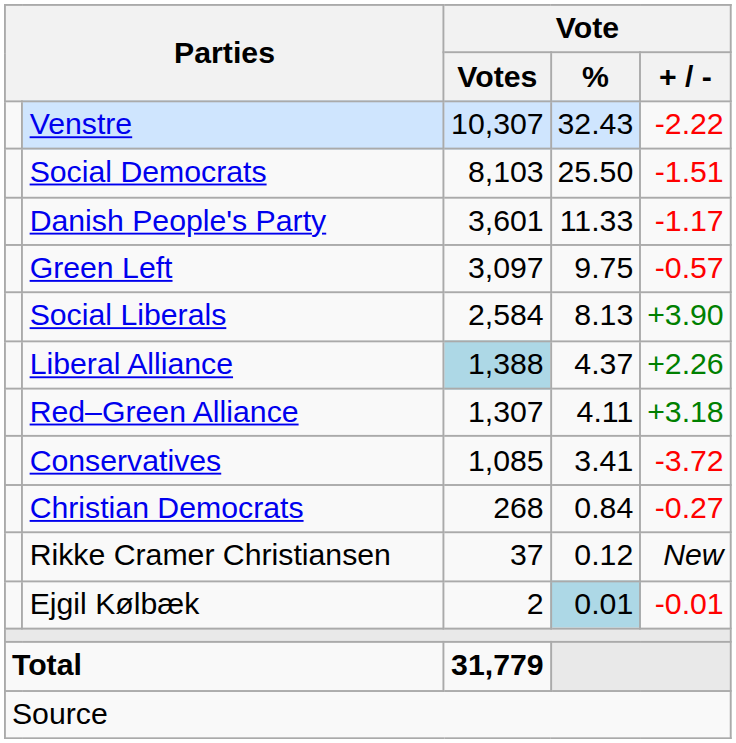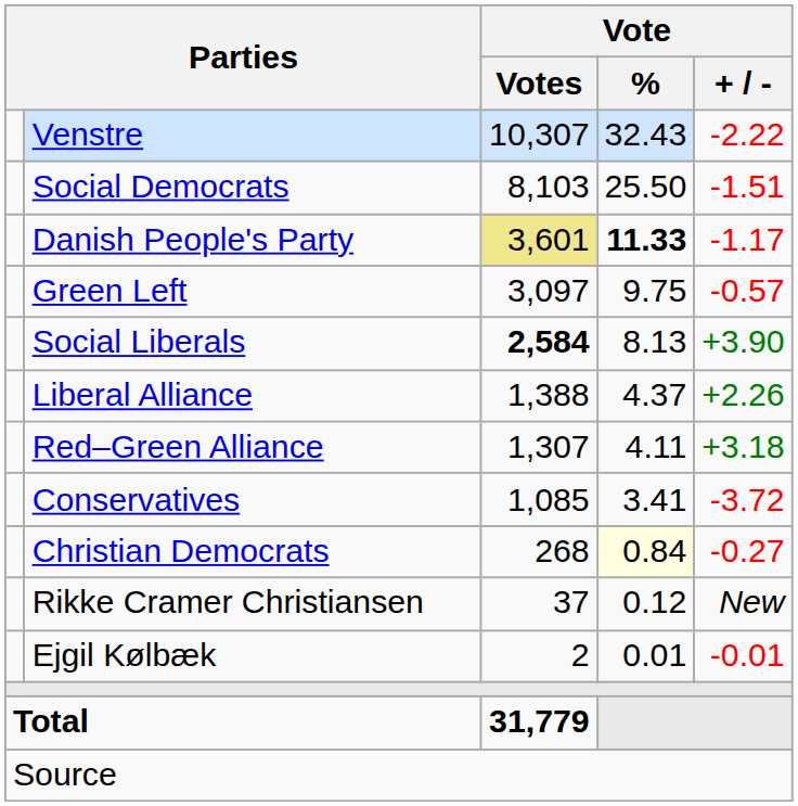 <table class="wikitable" style="text-align:right;">
 <tr>
 <th style="text-align:centre;" rowspan="2" colspan="2" width="225">Parties</th>
 <th colspan="3">Vote</th>
 </tr>
 <tr>
 <th width="15">Votes</th>
 <th width="15">%</th>
 <th width="15">+ / -</th>
 </tr>
 <tr>
 <td width="2" style="color:inherit;background:"></td>
 <td bgcolor=#cfe5fe  align="left"><a href='#'>Venstre</a></td>
 <td bgcolor=#cfe5fe>10,307</td>
 <td bgcolor=#cfe5fe>32.43</td>
 <td style=color:red;>-2.22</td>
 </tr>
 <tr>
 <td width="2" style="color:inherit;background:"></td>
 <td align="left"><a href='#'>Social Democrats</a></td>
 <td>8,103</td>
 <td>25.50</td>
 <td style=color:red;>-1.51</td>
 </tr>
 <tr>
 <td width="2" style="color:inherit;background:"></td>
 <td align="left"><a href='#'>Danish People's Party</a></td>
-<td>3,601</td>
-<td>11.33</td>
+<td style="background: khaki;">3,601</td>
+<td><strong>11.33</strong></td>
 <td style=color:red;>-1.17</td>
 </tr>
 <tr>
 <td width="2" style="color:inherit;background:"></td>
 <td align="left"><a href='#'>Green Left</a></td>
 <td>3,097</td>
 <td>9.75</td>
 <td style=color:red;>-0.57</td>
 </tr>
 <tr>
 <td width="2" style="color:inherit;background:"></td>
 <td align="left"><a href='#'>Social Liberals</a></td>
-<td>2,584</td>
+<td><strong>2,584</strong></td>
 <td>8.13</td>
 <td style=color:green;>+3.90</td>
 </tr>
 <tr>
 <td width="2" style="color:inherit;background:"></td>
 <td align="left"><a href='#'>Liberal Alliance</a></td>
-<td style="background: lightblue;">1,388</td>
+<td>1,388</td>
 <td>4.37</td>
 <td style=color:green;>+2.26</td>
 </tr>
 <tr>
 <td width="2" style="color:inherit;background:"></td>
 <td align="left"><a href='#'>Red–Green Alliance</a></td>
 <td>1,307</td>
 <td>4.11</td>
 <td style=color:green;>+3.18</td>
 </tr>
 <tr>
 <td width="2" style="color:inherit;background:"></td>
 <td align="left"><a href='#'>Conservatives</a></td>
 <td>1,085</td>
 <td>3.41</td>
 <td style=color:red;>-3.72</td>
 </tr>
 <tr>
 <td width="2" style="color:inherit;background:"></td>
 <td align="left"><a href='#'>Christian Democrats</a></td>
 <td>268</td>
-<td>0.84</td>
+<td style="background: lightyellow;">0.84</td>
 <td style=color:red;>-0.27</td>
 </tr>
 <tr>
 <td width="2" style="color:inherit;background:"></td>
 <td align="left">Rikke Cramer Christiansen</td>
 <td>37</td>
 <td>0.12</td>
 <td><em>New</em></td>
 </tr>
 <tr>
 <td width="2" style="color:inherit;background:"></td>
 <td align="left">Ejgil Kølbæk</td>
 <td>2</td>
-<td style="background: lightblue;">0.01</td>
+<td>0.01</td>
 <td style=color:red;>-0.01</td>
 </tr>
 <tr>
 <td colspan="7" bgcolor="#E9E9E9"></td>
 </tr>
 <tr>
 <td align="left" colspan="2"><strong>Total</strong></td>
 <td><strong>31,779</strong></td>
 <td bgcolor="#E9E9E9" colspan="2"></td>
 </tr>
 <tr>
 <td align="left" colspan="6">Source</td>
 </tr>
 </table>
